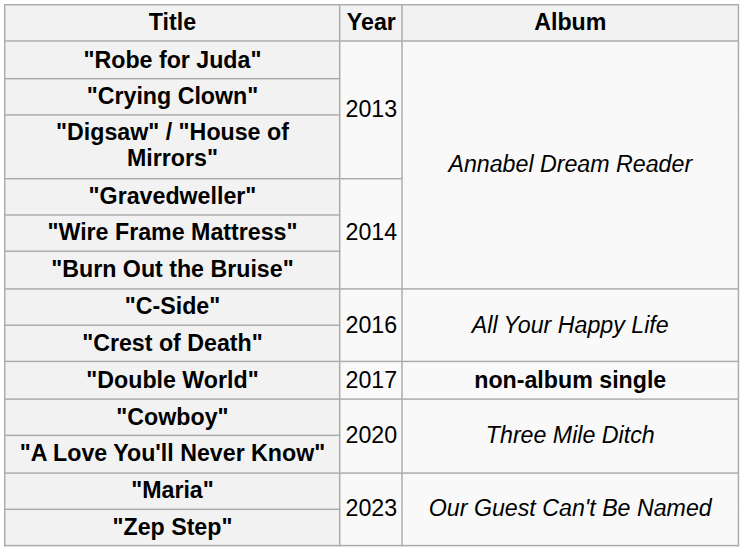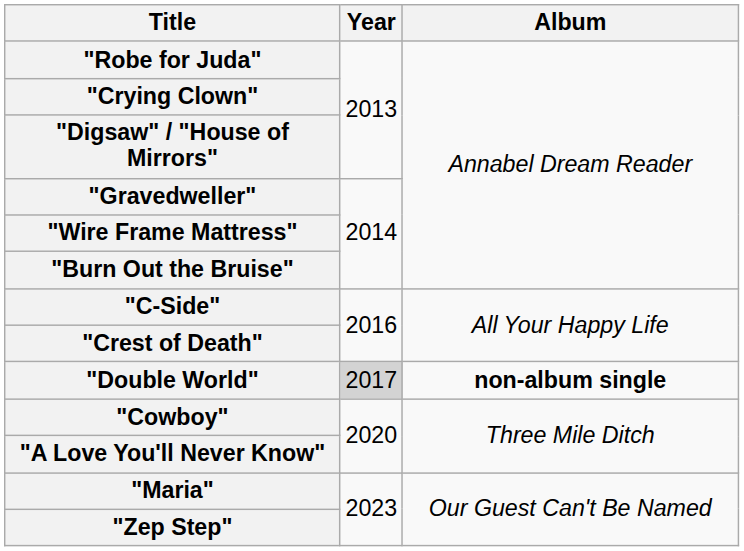 <table class="wikitable plainrowheaders" style="text-align:center;">
 <tr>
 <th scope="col" style="width:14em;">Title</th>
 <th scope="col">Year</th>
 <th scope="col" style="width:14em;">Album</th>
 </tr>
 <tr>
 <th scope="row">"Robe for Juda"</th>
 <td rowspan="3">2013</td>
 <td rowspan="6"><em>Annabel Dream Reader</em></td>
 </tr>
 <tr>
 <th scope="row">"Crying Clown"</th>
 </tr>
 <tr>
 <th scope="row">"Digsaw" / "House of Mirrors"</th>
 </tr>
 <tr>
 <th scope="row">"Gravedweller"</th>
 <td rowspan="3">2014</td>
 </tr>
 <tr>
 <th scope="row">"Wire Frame Mattress"</th>
 </tr>
 <tr>
 <th scope="row">"Burn Out the Bruise"</th>
 </tr>
 <tr>
 <th scope="row">"C-Side"</th>
 <td rowspan="2">2016</td>
 <td rowspan="2"><em>All Your Happy Life</em></td>
 </tr>
 <tr>
 <th scope="row">"Crest of Death"</th>
 </tr>
 <tr>
 <th scope="row">"Double World"</th>
-<td>2017</td>
+<td style="background: lightgrey;">2017</td>
 <td><strong>non-album single</strong></td>
 </tr>
 <tr>
 <th scope="row">"Cowboy"</th>
 <td rowspan="2">2020</td>
 <td rowspan="2"><em>Three Mile Ditch</em></td>
 </tr>
 <tr>
 <th scope="row">"A Love You'll Never Know"</th>
 </tr>
 <tr>
 <th scope="row">"Maria"</th>
 <td rowspan="2">2023</td>
 <td rowspan="2"><em>Our Guest Can't Be Named</em></td>
 </tr>
 <tr>
 <th scope="row">"Zep Step"</th>
 </tr>
 </table>
